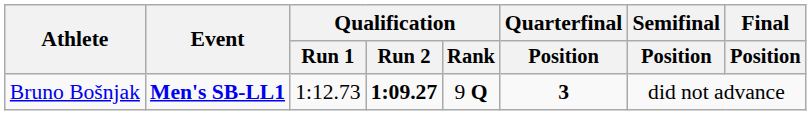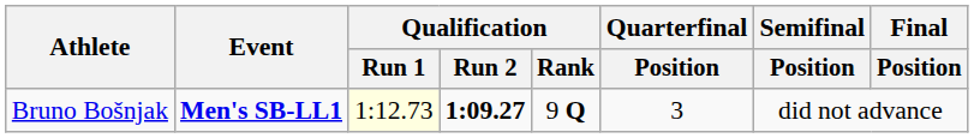 <table class="wikitable" style="font-size:90%">
 <tr>
 <th rowspan="2">Athlete</th>
 <th rowspan="2">Event</th>
 <th colspan="3">Qualification</th>
 <th>Quarterfinal</th>
 <th>Semifinal</th>
 <th>Final</th>
 </tr>
 <tr style=font-size:95%>
 <th>Run 1</th>
 <th>Run 2</th>
 <th>Rank</th>
 <th>Position</th>
 <th>Position</th>
 <th>Position</th>
 </tr>
 <tr align=center>
 <td align=left><a href='#'>Bruno Bošnjak</a></td>
 <td align=left><strong><a href='#'>Men's SB-LL1</a></strong></td>
-<td>1:12.73</td>
+<td style="background: lightyellow;">1:12.73</td>
 <td><strong>1:09.27</strong></td>
 <td>9 <strong>Q</strong></td>
-<td><strong>3</strong></td>
+<td>3</td>
 <td colspan=2>did not advance</td>
 </tr>
 </table>
